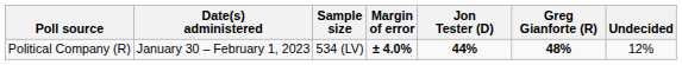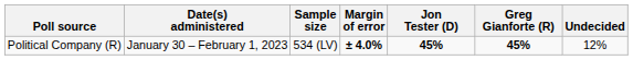 <table class="wikitable" style="font-size:90%;text-align:center;">
 <tr valign=bottom>
 <th>Poll source</th>
 <th>Date(s)<br>administered</th>
 <th>Sample<br>size</th>
 <th>Margin<br>of error</th>
 <th style="width:100px;">Jon<br>Tester (D)</th>
 <th style="width:100px;">Greg<br>Gianforte (R)</th>
 <th>Undecided</th>
 </tr>
 <tr>
 <td rowspan=2 style="text-align:left">Political Company (R)</td>
 <td>January 30 – February 1, 2023</td>
 <td>534 (LV)</td>
 <td><strong>± 4.0%</strong></td>
-<td><strong>44%</strong></td>
-<td><strong>48%</strong></td>
+<td><strong>45%</strong></td>
+<td><strong>45%</strong></td>
 <td>12%</td>
 </tr>
 </table>
